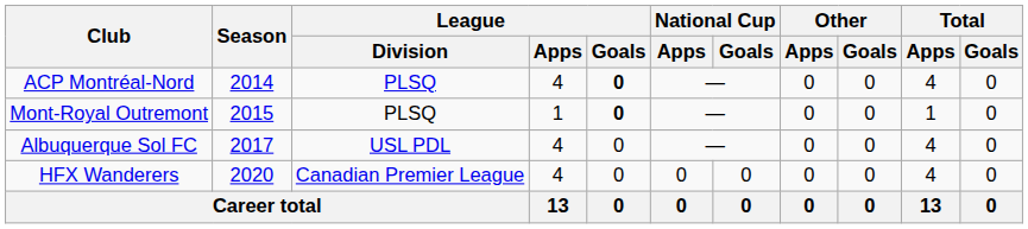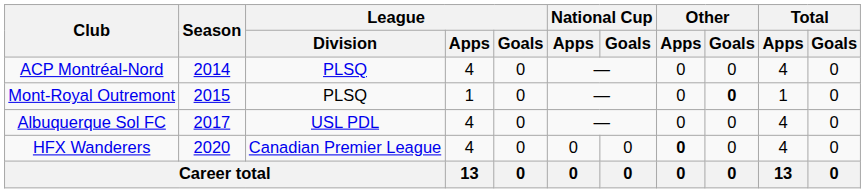 <table class="wikitable" style="text-align:center">
 <tr>
 <th rowspan="2">Club</th>
 <th rowspan="2">Season</th>
 <th colspan="3">League</th>
 <th colspan="2">National Cup</th>
 <th colspan="2">Other</th>
 <th colspan="2">Total</th>
 </tr>
 <tr>
 <th>Division</th>
 <th>Apps</th>
 <th>Goals</th>
 <th>Apps</th>
 <th>Goals</th>
 <th>Apps</th>
 <th>Goals</th>
 <th>Apps</th>
 <th>Goals</th>
 </tr>
 <tr>
 <td rowspan="1"><a href='#'>ACP Montréal-Nord</a></td>
 <td><a href='#'>2014</a></td>
 <td><a href='#'>PLSQ</a></td>
 <td>4</td>
-<td><strong>0</strong></td>
+<td>0</td>
 <td colspan="2">—</td>
 <td>0</td>
 <td>0</td>
 <td>4</td>
 <td>0</td>
 </tr>
 <tr>
 <td rowspan="1"><a href='#'>Mont-Royal Outremont</a></td>
 <td><a href='#'>2015</a></td>
 <td>PLSQ</td>
 <td>1</td>
-<td><strong>0</strong></td>
+<td>0</td>
 <td colspan="2">—</td>
 <td>0</td>
-<td>0</td>
+<td><strong>0</strong></td>
 <td>1</td>
 <td>0</td>
 </tr>
 <tr>
 <td rowspan="1"><a href='#'>Albuquerque Sol FC</a></td>
 <td><a href='#'>2017</a></td>
 <td><a href='#'>USL PDL</a></td>
 <td>4</td>
 <td>0</td>
 <td colspan="2">—</td>
 <td>0</td>
 <td>0</td>
 <td>4</td>
 <td>0</td>
 </tr>
 <tr>
 <td rowspan="1"><a href='#'>HFX Wanderers</a></td>
 <td><a href='#'>2020</a></td>
 <td><a href='#'>Canadian Premier League</a></td>
 <td>4</td>
 <td>0</td>
 <td>0</td>
 <td>0</td>
-<td>0</td>
+<td><strong>0</strong></td>
 <td>0</td>
 <td>4</td>
 <td>0</td>
 </tr>
 <tr>
 <th colspan="3">Career total</th>
 <th>13</th>
 <th>0</th>
 <th>0</th>
 <th>0</th>
 <th>0</th>
 <th>0</th>
 <th>13</th>
 <th>0</th>
 </tr>
 </table>
